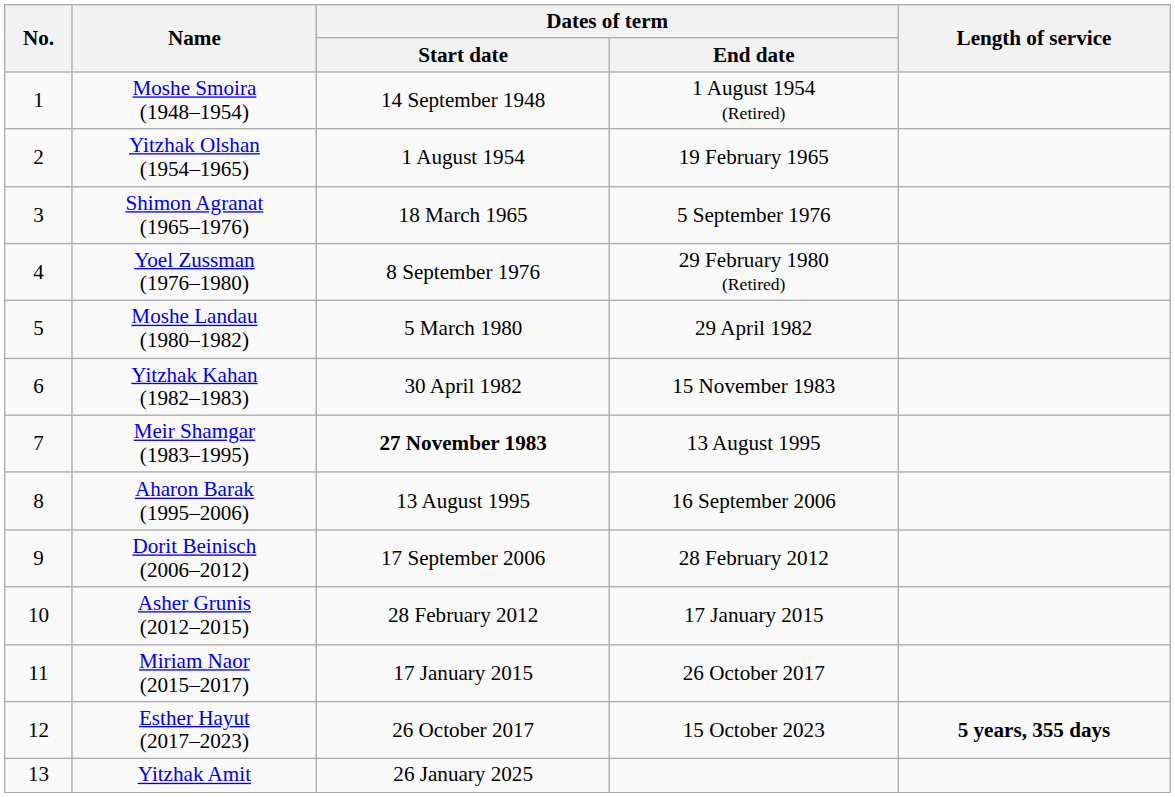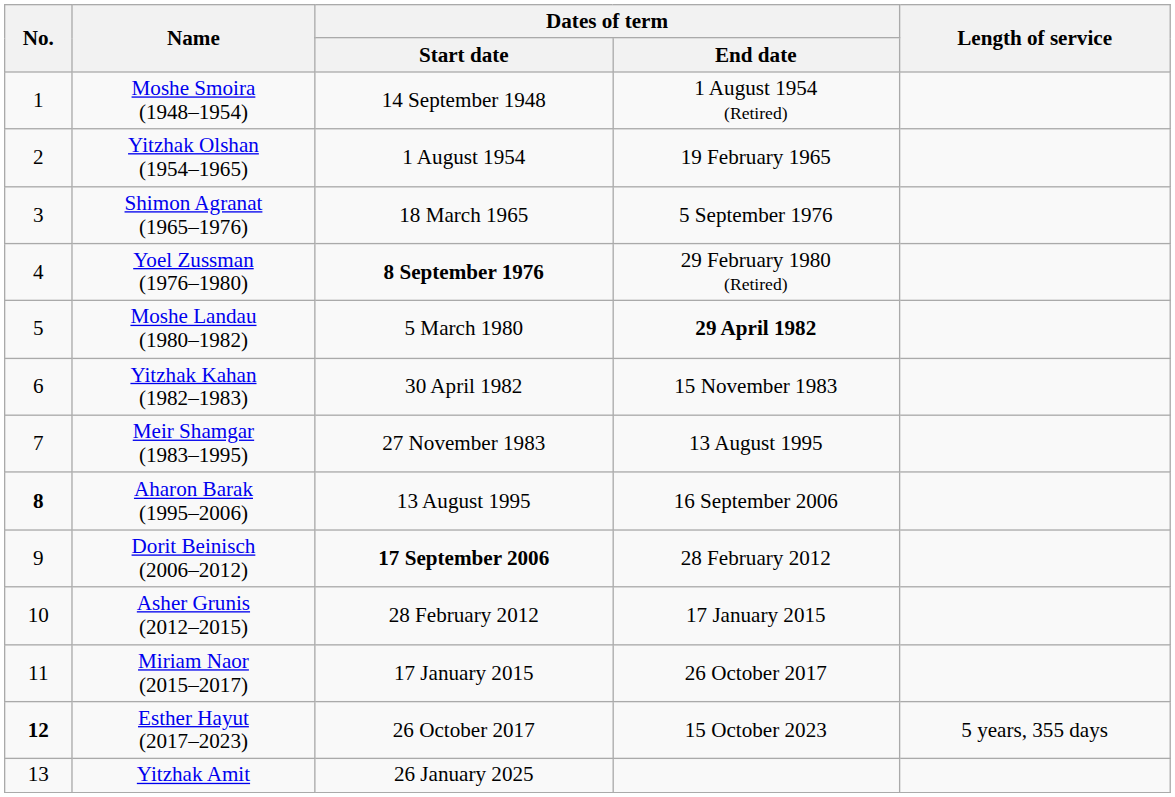 <table class="wikitable" width="100%" align="center" style="text-align:center;">
 <tr>
 <th rowspan="2">No.</th>
 <th rowspan="2">Name</th>
 <th colspan="2">Dates of term</th>
 <th rowspan="2">Length of service</th>
 </tr>
 <tr>
 <th>Start date</th>
 <th>End date</th>
 </tr>
 <tr>
 <td>1</td>
 <td><a href='#'>Moshe Smoira</a><br>(1948–1954)</td>
 <td>14 September 1948</td>
 <td>1 August 1954<br><small>(Retired)</small></td>
 <td></td>
 </tr>
 <tr>
 <td>2</td>
 <td><a href='#'>Yitzhak Olshan</a><br>(1954–1965)</td>
 <td>1 August 1954</td>
 <td>19 February 1965</td>
 <td></td>
 </tr>
 <tr>
 <td>3</td>
 <td><a href='#'>Shimon Agranat</a><br>(1965–1976)</td>
 <td>18 March 1965</td>
 <td>5 September 1976</td>
 <td></td>
 </tr>
 <tr>
 <td>4</td>
 <td><a href='#'>Yoel Zussman</a><br>(1976–1980)</td>
-<td>8 September 1976</td>
+<td><strong>8 September 1976</strong></td>
 <td>29 February 1980<br><small>(Retired)</small></td>
 <td></td>
 </tr>
 <tr>
 <td>5</td>
 <td><a href='#'>Moshe Landau</a><br>(1980–1982)</td>
 <td>5 March 1980</td>
-<td>29 April 1982</td>
+<td><strong>29 April 1982</strong></td>
 <td></td>
 </tr>
 <tr>
 <td>6</td>
 <td><a href='#'>Yitzhak Kahan</a><br>(1982–1983)</td>
 <td>30 April 1982</td>
 <td>15 November 1983</td>
 <td></td>
 </tr>
 <tr>
 <td>7</td>
 <td><a href='#'>Meir Shamgar</a><br>(1983–1995)</td>
-<td><strong>27 November 1983</strong></td>
+<td>27 November 1983</td>
 <td>13 August 1995</td>
 <td></td>
 </tr>
 <tr>
-<td>8</td>
+<td><strong>8</strong></td>
 <td><a href='#'>Aharon Barak</a><br>(1995–2006)</td>
 <td>13 August 1995</td>
 <td>16 September 2006</td>
 <td></td>
 </tr>
 <tr>
 <td>9</td>
 <td><a href='#'>Dorit Beinisch</a><br>(2006–2012)</td>
-<td>17 September 2006</td>
+<td><strong>17 September 2006</strong></td>
 <td>28 February 2012</td>
 <td></td>
 </tr>
 <tr>
 <td>10</td>
 <td><a href='#'>Asher Grunis</a><br>(2012–2015)</td>
 <td>28 February 2012</td>
 <td>17 January 2015</td>
 <td></td>
 </tr>
 <tr>
 <td>11</td>
 <td><a href='#'>Miriam Naor</a><br>(2015–2017)</td>
 <td>17 January 2015</td>
 <td>26 October 2017</td>
 <td></td>
 </tr>
 <tr>
-<td>12</td>
+<td><strong>12</strong></td>
 <td><a href='#'>Esther Hayut</a><br>(2017–2023)</td>
 <td>26 October 2017</td>
 <td>15 October 2023</td>
-<td><strong>5 years, 355 days</strong></td>
+<td>5 years, 355 days</td>
 </tr>
 <tr>
 <td>13</td>
 <td><a href='#'>Yitzhak Amit</a></td>
 <td>26 January 2025</td>
 <td></td>
 <td></td>
 </tr>
 <tr>
 </tr>
 </table>
